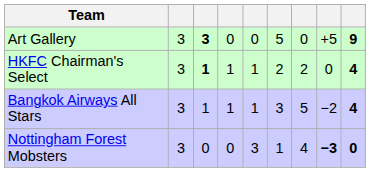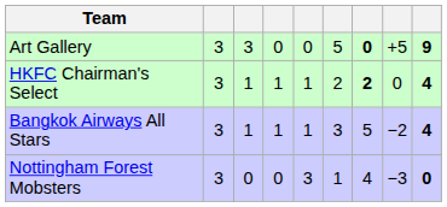 <table class="wikitable" style="text-align:center;">
 <tr>
 <th width=175>Team</th>
 <th width=20></th>
 <th width=20></th>
 <th width=20></th>
 <th width=20></th>
 <th width=20></th>
 <th width=20></th>
 <th width=20></th>
 <th width=20></th>
 </tr>
 <tr bgcolor="#ccffcc">
 <td align="left">Art Gallery</td>
 <td>3</td>
-<td><strong>3</strong></td>
+<td>3</td>
 <td>0</td>
 <td>0</td>
 <td>5</td>
-<td>0</td>
+<td><strong>0</strong></td>
 <td>+5</td>
 <td><strong>9</strong></td>
 </tr>
 <tr bgcolor="#ccffcc">
 <td align="left"><a href='#'>HKFC</a> Chairman's Select</td>
 <td>3</td>
-<td><strong>1</strong></td>
+<td>1</td>
 <td>1</td>
 <td>1</td>
 <td>2</td>
-<td>2</td>
+<td><strong>2</strong></td>
 <td>0</td>
 <td><strong>4</strong></td>
 </tr>
 <tr bgcolor="#ccccff">
 <td align="left"><a href='#'>Bangkok Airways</a> All Stars</td>
 <td>3</td>
 <td>1</td>
 <td>1</td>
 <td>1</td>
 <td>3</td>
 <td>5</td>
 <td>−2</td>
 <td><strong>4</strong></td>
 </tr>
 <tr bgcolor="#ccccff">
 <td align="left"><a href='#'>Nottingham Forest</a> Mobsters</td>
 <td>3</td>
 <td>0</td>
 <td>0</td>
 <td>3</td>
 <td>1</td>
 <td>4</td>
-<td><strong>−3</strong></td>
+<td>−3</td>
 <td><strong>0</strong></td>
 </tr>
 </table>
